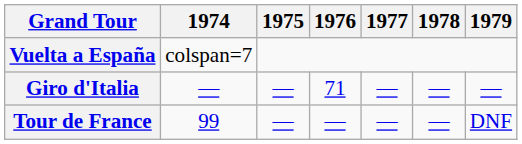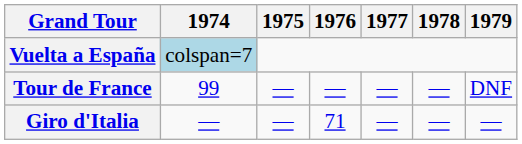 <table class="wikitable plainrowheaders">
 <tr>
 <th scope="col"><a href='#'>Grand Tour</a></th>
 <th scope="col">1974</th>
 <th scope="col">1975</th>
 <th scope="col">1976</th>
 <th scope="col">1977</th>
 <th scope="col">1978</th>
 <th scope="col">1979</th>
 </tr>
 <tr style="text-align:center;">
 <th scope="row"> <a href='#'>Vuelta a España</a></th>
-<td>colspan=7 </td>
+<td style="background: lightblue;">colspan=7 </td>
+</tr>
+<tr style="text-align:center;">
+<th scope="row"> <a href='#'>Tour de France</a></th>
+<td><a href='#'>99</a></td>
+<td><a href='#'>—</a></td>
+<td><a href='#'>—</a></td>
+<td><a href='#'>—</a></td>
+<td><a href='#'>—</a></td>
+<td><a href='#'>DNF</a></td>
 </tr>
 <tr style="text-align:center;">
 <th scope="row"> <a href='#'>Giro d'Italia</a></th>
 <td><a href='#'>—</a></td>
 <td><a href='#'>—</a></td>
 <td><a href='#'>71</a></td>
 <td><a href='#'>—</a></td>
 <td><a href='#'>—</a></td>
 <td><a href='#'>—</a></td>
 </tr>
-<tr style="text-align:center;">
-<th scope="row"> <a href='#'>Tour de France</a></th>
-<td><a href='#'>99</a></td>
-<td><a href='#'>—</a></td>
-<td><a href='#'>—</a></td>
-<td><a href='#'>—</a></td>
-<td><a href='#'>—</a></td>
-<td><a href='#'>DNF</a></td>
-</tr>
 </table>
